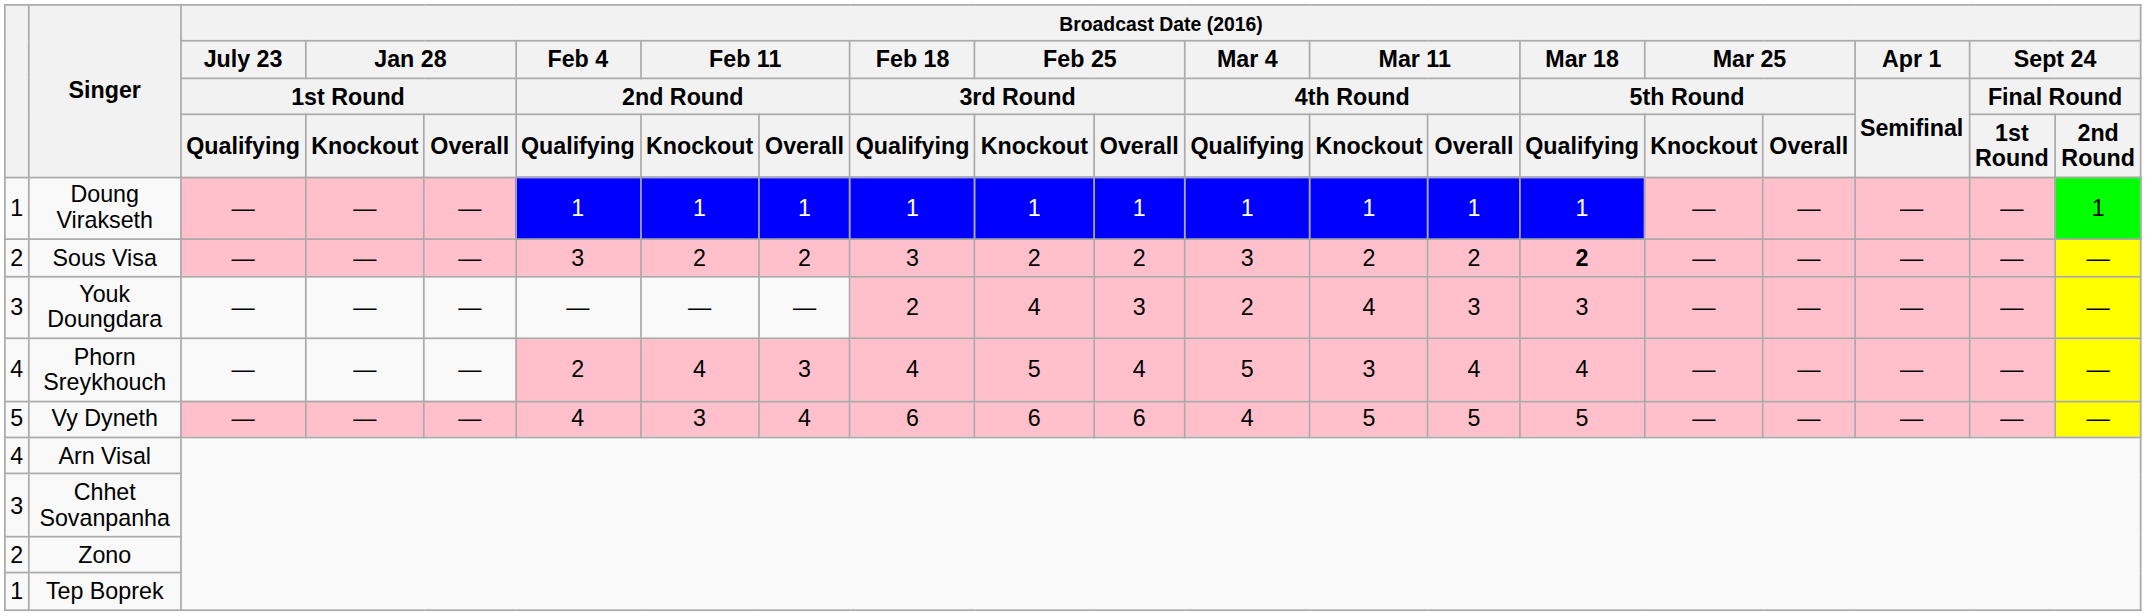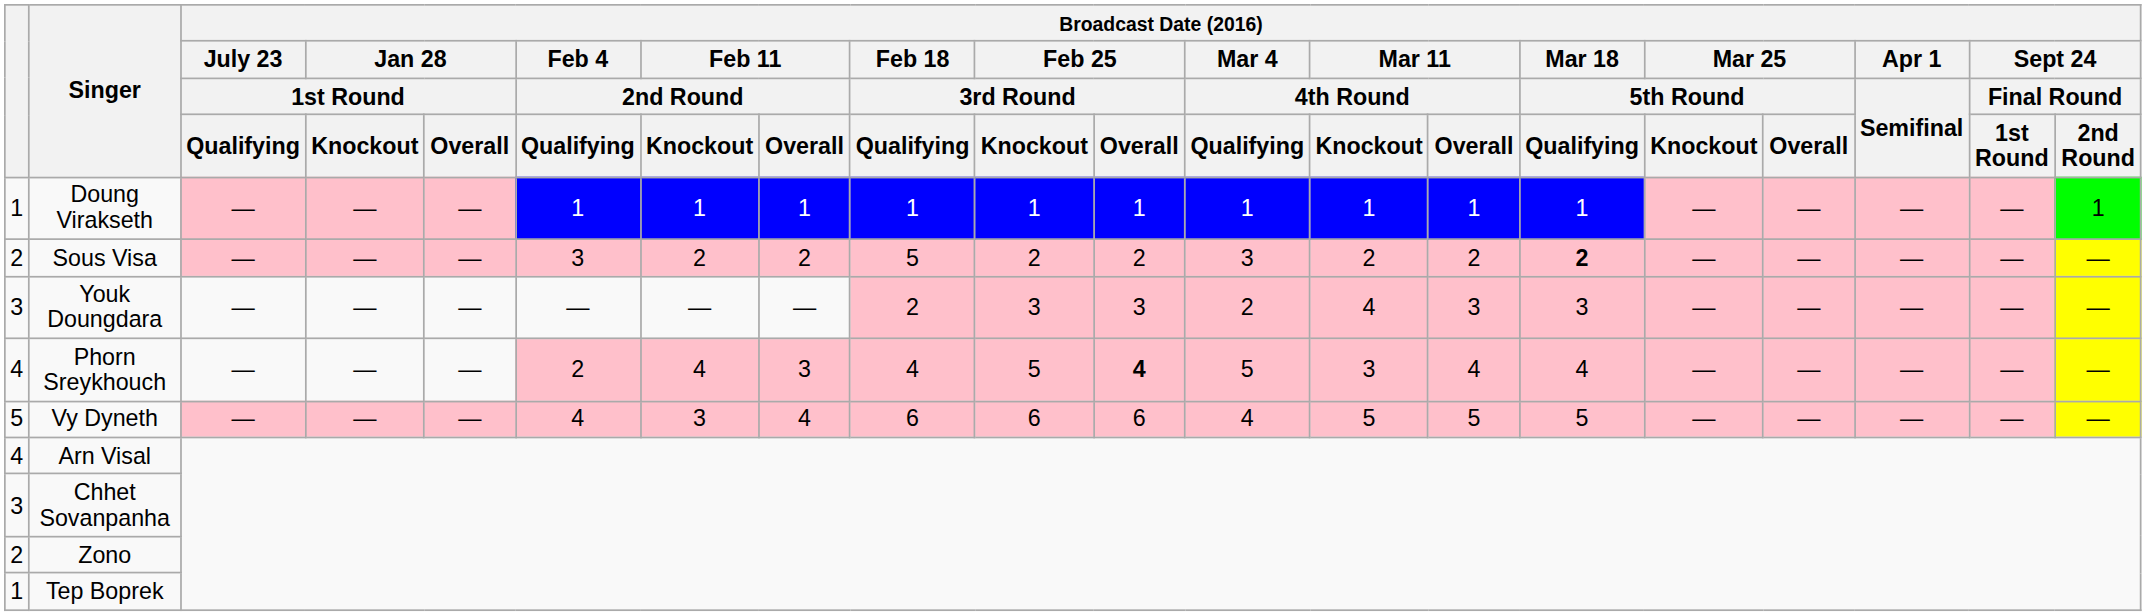 <table class="wikitable" style="text-align:center; font-size:85%">
 <tr>
 <th rowspan="4" width="2"></th>
 <th rowspan="4" width="250" class="unsortable">Singer</th>
 <th colspan="18"><small>Broadcast Date (2016)</small></th>
 </tr>
 <tr>
 <th>July 23</th>
 <th colspan="2">Jan 28</th>
 <th>Feb 4</th>
 <th colspan="2">Feb 11</th>
 <th>Feb 18</th>
 <th colspan="2">Feb 25</th>
 <th>Mar 4</th>
 <th colspan="2">Mar 11</th>
 <th>Mar 18</th>
 <th colspan="2">Mar 25</th>
 <th>Apr 1</th>
 <th colspan=2>Sept 24</th>
 </tr>
 <tr>
 <th colspan="3">1st Round</th>
 <th colspan="3">2nd Round</th>
 <th colspan="3">3rd Round</th>
 <th colspan="3">4th Round</th>
 <th colspan="3">5th Round</th>
 <th rowspan="2">Semifinal</th>
 <th colspan="2">Final Round</th>
 </tr>
 <tr>
 <th width="70" data-sort-type="text">Qualifying</th>
 <th width="70" data-sort-type="text">Knockout</th>
 <th width="70" data-sort-type="text">Overall</th>
 <th width="70" data-sort-type="text">Qualifying</th>
 <th width="70" data-sort-type="text">Knockout</th>
 <th width="70" data-sort-type="text">Overall</th>
 <th width="70" data-sort-type="text">Qualifying</th>
 <th width="70" data-sort-type="text">Knockout</th>
 <th width="70" data-sort-type="text">Overall</th>
 <th width="70" data-sort-type="text">Qualifying</th>
 <th width="70" data-sort-type="text">Knockout</th>
 <th width="70" data-sort-type="text">Overall</th>
 <th width="70" data-sort-type="text">Qualifying</th>
 <th width="70" data-sort-type="text">Knockout</th>
 <th width="70" data-sort-type="text">Overall</th>
 <th width="70" data-sort-type="text">1st Round</th>
 <th width="70">2nd Round</th>
 </tr>
 <tr>
 <td>1</td>
 <td>Doung Virakseth</td>
 <td style="background: pink; color: black">—</td>
 <td style="background: pink; color: black">—</td>
 <td style="background: pink; color: black">—</td>
 <td style="background: blue; color: white">1</td>
 <td style="background: blue; color: white">1</td>
 <td style="background: blue; color: white">1</td>
 <td style="background: blue; color: white">1</td>
 <td style="background: blue; color: white">1</td>
 <td style="background: blue; color: white">1</td>
 <td style="background: blue; color: white">1</td>
 <td style="background: blue; color: white">1</td>
 <td style="background: blue; color: white">1</td>
 <td style="background: blue; color: white">1</td>
 <td style="background: pink; color: black">—</td>
 <td style="background: pink; color: black">—</td>
 <td style="background: pink; color: black">—</td>
 <td style="background: pink; color: black">—</td>
 <td style="background: lime; color: black">1 </td>
 </tr>
 <tr>
 <td>2</td>
 <td>Sous Visa</td>
 <td style="background: pink; color: black">—</td>
 <td style="background: pink; color: black">—</td>
 <td style="background: pink; color: black">—</td>
 <td style="background: pink; color: black">3</td>
 <td style="background: pink; color: black">2</td>
 <td style="background: pink; color: black">2</td>
-<td style="background: pink; color: black">3</td>
+<td style="background: pink; color: black">5</td>
 <td style="background: pink; color: black">2</td>
 <td style="background: pink; color: black">2</td>
 <td style="background: pink; color: black">3</td>
 <td style="background: pink; color: black">2</td>
 <td style="background: pink; color: black">2</td>
 <td style="background: pink; color: black"><strong>2</strong></td>
 <td style="background: pink; color: black">—</td>
 <td style="background: pink; color: black">—</td>
 <td style="background: pink; color: black">—</td>
 <td style="background: pink; color: black">—</td>
 <td style="background: yellow; color: black">—</td>
 </tr>
 <tr>
 <td>3</td>
 <td>Youk Doungdara</td>
 <td>—</td>
 <td>—</td>
 <td>—</td>
 <td>—</td>
 <td>—</td>
 <td>—</td>
 <td style="background: pink; color: black">2</td>
-<td style="background: pink; color: black">4</td>
+<td style="background: pink; color: black">3</td>
 <td style="background: pink; color: black">3</td>
 <td style="background: pink; color: black">2</td>
 <td style="background: pink; color: black">4</td>
 <td style="background: pink; color: black">3</td>
 <td style="background: pink; color: black">3</td>
 <td style="background: pink; color: black">—</td>
 <td style="background: pink; color: black">—</td>
 <td style="background: pink; color: black">—</td>
 <td style="background: pink; color: black">—</td>
 <td style="background: yellow; color: black">—</td>
 </tr>
 <tr>
 <td>4</td>
 <td>Phorn Sreykhouch</td>
 <td>—</td>
 <td>—</td>
 <td>—</td>
 <td style="background: pink; color: black">2</td>
 <td style="background: pink; color: black">4</td>
 <td style="background: pink; color: black">3</td>
 <td style="background: pink; color: black">4</td>
 <td style="background: pink; color: black">5</td>
-<td style="background: pink; color: black">4</td>
+<td style="background: pink; color: black"><strong>4</strong></td>
 <td style="background: pink; color: black">5</td>
 <td style="background: pink; color: black">3</td>
 <td style="background: pink; color: black">4</td>
 <td style="background: pink; color: black">4</td>
 <td style="background: pink; color: black">—</td>
 <td style="background: pink; color: black">—</td>
 <td style="background: pink; color: black">—</td>
 <td style="background: pink; color: black">—</td>
 <td style="background: yellow; color: black">—</td>
 </tr>
 <tr>
 <td>5</td>
 <td>Vy Dyneth</td>
 <td style="background: pink; color: black">—</td>
 <td style="background: pink; color: black">—</td>
 <td style="background: pink; color: black">—</td>
 <td style="background: pink; color: black">4</td>
 <td style="background: pink; color: black">3</td>
 <td style="background: pink; color: black">4</td>
 <td style="background: pink; color: black">6</td>
 <td style="background: pink; color: black">6</td>
 <td style="background: pink; color: black">6</td>
 <td style="background: pink; color: black">4</td>
 <td style="background: pink; color: black">5</td>
 <td style="background: pink; color: black">5</td>
 <td style="background: pink; color: black">5</td>
 <td style="background: pink; color: black">—</td>
 <td style="background: pink; color: black">—</td>
 <td style="background: pink; color: black">—</td>
 <td style="background: pink; color: black">—</td>
 <td style="background: yellow; color: black">—</td>
 </tr>
 <tr>
 <td>4</td>
 <td>Arn Visal</td>
 </tr>
 <tr>
 <td>3</td>
 <td>Chhet Sovanpanha</td>
 </tr>
 <tr>
 <td>2</td>
 <td>Zono</td>
 </tr>
 <tr>
 <td>1</td>
 <td>Tep Boprek</td>
 </tr>
 </table>
